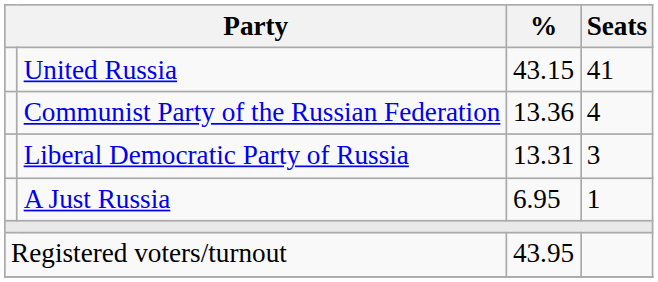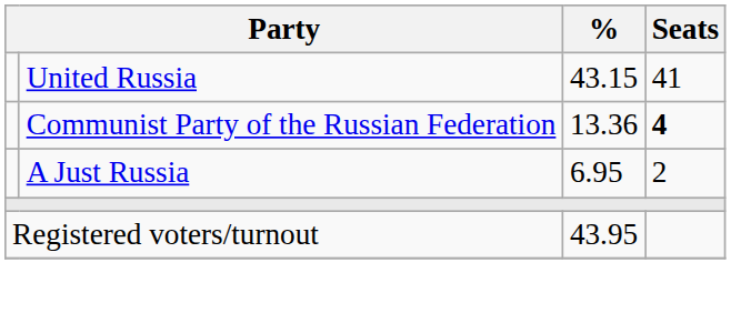 <table class="wikitable">
 <tr>
 <th colspan=2>Party</th>
 <th>%</th>
 <th>Seats</th>
 </tr>
 <tr>
 <td style="background:"></td>
 <td><a href='#'>United Russia</a></td>
 <td>43.15</td>
 <td>41</td>
 </tr>
 <tr>
 <td style="background:"></td>
 <td><a href='#'>Communist Party of the Russian Federation</a></td>
 <td>13.36</td>
-<td>4</td>
-</tr>
-<tr>
-<td style="background:"></td>
-<td><a href='#'>Liberal Democratic Party of Russia</a></td>
-<td>13.31</td>
-<td>3</td>
+<td><strong>4</strong></td>
 </tr>
 <tr>
 <td style="background:"></td>
 <td><a href='#'>A Just Russia</a></td>
 <td>6.95</td>
-<td>1</td>
+<td>2</td>
 </tr>
 <tr>
 <td colspan=4 style="background:#E9E9E9;"></td>
 </tr>
 <tr>
 <td align=left colspan=2>Registered voters/turnout</td>
 <td>43.95</td>
 <td></td>
 </tr>
 <tr>
 </tr>
 </table>
